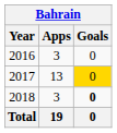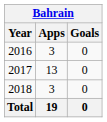 <table class="wikitable" style="text-align:center">
 <tr>
 <th colspan=3><a href='#'>Bahrain</a></th>
 </tr>
 <tr>
 <th>Year</th>
 <th>Apps</th>
 <th>Goals</th>
 </tr>
 <tr>
 <td>2016</td>
 <td>3</td>
 <td>0</td>
 </tr>
 <tr>
 <td>2017</td>
 <td>13</td>
-<td style="background: gold;">0</td>
+<td>0</td>
 </tr>
 <tr>
 <td>2018</td>
 <td>3</td>
-<td><strong>0</strong></td>
+<td>0</td>
 </tr>
 <tr>
 <th>Total</th>
 <th>19</th>
 <th>0</th>
 </tr>
 </table>
